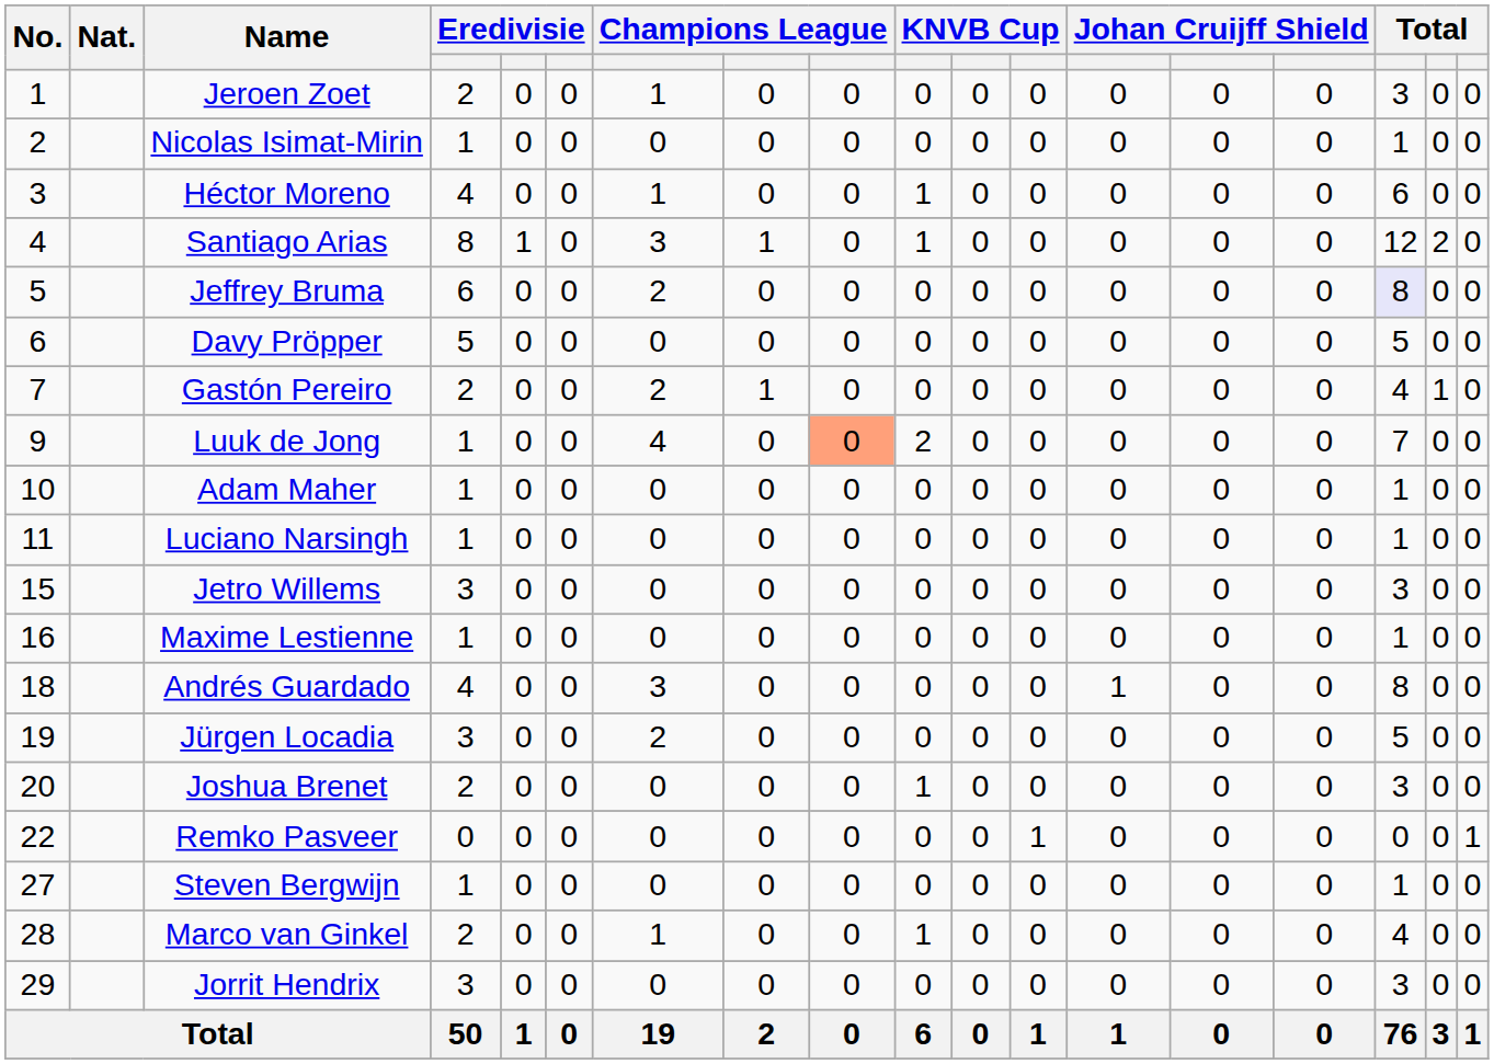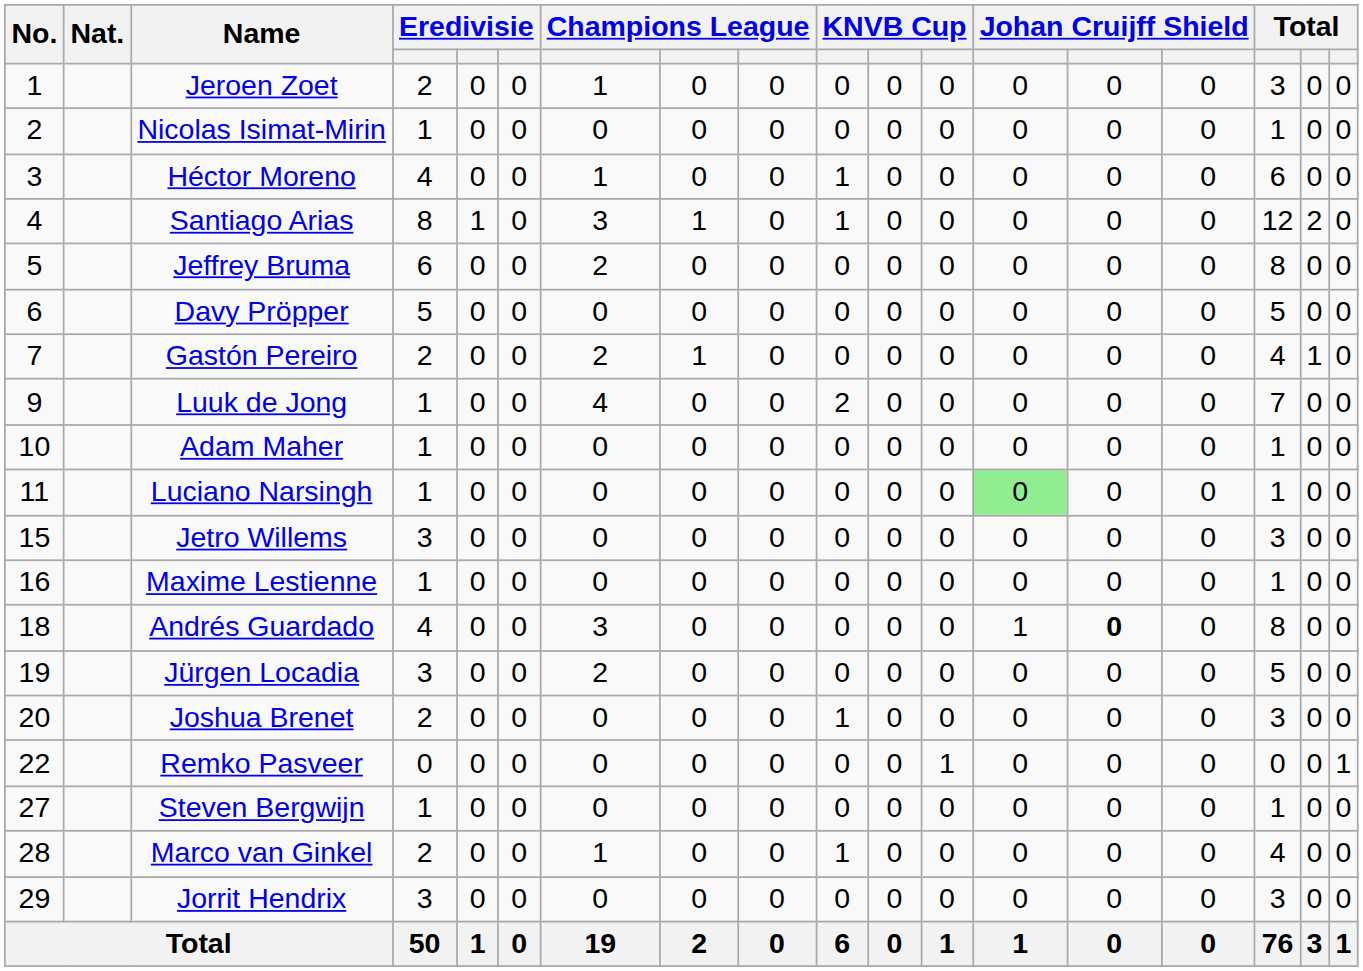 <table class="wikitable sortable" style="text-align: center;">
 <tr>
 <th rowspan="2">No.</th>
 <th rowspan="2">Nat.</th>
 <th rowspan="2">Name</th>
 <th colspan="3"><a href='#'>Eredivisie</a></th>
 <th colspan="3"><a href='#'>Champions League</a></th>
 <th colspan="3"><a href='#'>KNVB Cup</a></th>
 <th colspan="3"><a href='#'>Johan Cruijff Shield</a></th>
 <th colspan="3">Total</th>
 </tr>
 <tr>
 <th></th>
 <th></th>
 <th></th>
 <th></th>
 <th></th>
 <th></th>
 <th></th>
 <th></th>
 <th></th>
 <th></th>
 <th></th>
 <th></th>
 <th></th>
 <th></th>
 <th></th>
 </tr>
 <tr>
 <td>1</td>
 <td></td>
 <td><a href='#'>Jeroen Zoet</a></td>
 <td>2</td>
 <td>0</td>
 <td>0</td>
 <td>1</td>
 <td>0</td>
 <td>0</td>
 <td>0</td>
 <td>0</td>
 <td>0</td>
 <td>0</td>
 <td>0</td>
 <td>0</td>
 <td>3</td>
 <td>0</td>
 <td>0</td>
 </tr>
 <tr>
 <td>2</td>
 <td></td>
 <td><a href='#'>Nicolas Isimat-Mirin</a></td>
 <td>1</td>
 <td>0</td>
 <td>0</td>
 <td>0</td>
 <td>0</td>
 <td>0</td>
 <td>0</td>
 <td>0</td>
 <td>0</td>
 <td>0</td>
 <td>0</td>
 <td>0</td>
 <td>1</td>
 <td>0</td>
 <td>0</td>
 </tr>
 <tr>
 <td>3</td>
 <td></td>
 <td><a href='#'>Héctor Moreno</a></td>
 <td>4</td>
 <td>0</td>
 <td>0</td>
 <td>1</td>
 <td>0</td>
 <td>0</td>
 <td>1</td>
 <td>0</td>
 <td>0</td>
 <td>0</td>
 <td>0</td>
 <td>0</td>
 <td>6</td>
 <td>0</td>
 <td>0</td>
 </tr>
 <tr>
 <td>4</td>
 <td></td>
 <td><a href='#'>Santiago Arias</a></td>
 <td>8</td>
 <td>1</td>
 <td>0</td>
 <td>3</td>
 <td>1</td>
 <td>0</td>
 <td>1</td>
 <td>0</td>
 <td>0</td>
 <td>0</td>
 <td>0</td>
 <td>0</td>
 <td>12</td>
 <td>2</td>
 <td>0</td>
 </tr>
 <tr>
 <td>5</td>
 <td></td>
 <td><a href='#'>Jeffrey Bruma</a></td>
 <td>6</td>
 <td>0</td>
 <td>0</td>
 <td>2</td>
 <td>0</td>
 <td>0</td>
 <td>0</td>
 <td>0</td>
 <td>0</td>
 <td>0</td>
 <td>0</td>
 <td>0</td>
-<td style="background: lavender;">8</td>
+<td>8</td>
 <td>0</td>
 <td>0</td>
 </tr>
 <tr>
 <td>6</td>
 <td></td>
 <td><a href='#'>Davy Pröpper</a></td>
 <td>5</td>
 <td>0</td>
 <td>0</td>
 <td>0</td>
 <td>0</td>
 <td>0</td>
 <td>0</td>
 <td>0</td>
 <td>0</td>
 <td>0</td>
 <td>0</td>
 <td>0</td>
 <td>5</td>
 <td>0</td>
 <td>0</td>
 </tr>
 <tr>
 <td>7</td>
 <td></td>
 <td><a href='#'>Gastón Pereiro</a></td>
 <td>2</td>
 <td>0</td>
 <td>0</td>
 <td>2</td>
 <td>1</td>
 <td>0</td>
 <td>0</td>
 <td>0</td>
 <td>0</td>
 <td>0</td>
 <td>0</td>
 <td>0</td>
 <td>4</td>
 <td>1</td>
 <td>0</td>
 </tr>
 <tr>
 <td>9</td>
 <td></td>
 <td><a href='#'>Luuk de Jong</a></td>
 <td>1</td>
 <td>0</td>
 <td>0</td>
 <td>4</td>
 <td>0</td>
-<td style="background: lightsalmon;">0</td>
+<td>0</td>
 <td>2</td>
 <td>0</td>
 <td>0</td>
 <td>0</td>
 <td>0</td>
 <td>0</td>
 <td>7</td>
 <td>0</td>
 <td>0</td>
 </tr>
 <tr>
 <td>10</td>
 <td></td>
 <td><a href='#'>Adam Maher</a></td>
 <td>1</td>
 <td>0</td>
 <td>0</td>
 <td>0</td>
 <td>0</td>
 <td>0</td>
 <td>0</td>
 <td>0</td>
 <td>0</td>
 <td>0</td>
 <td>0</td>
 <td>0</td>
 <td>1</td>
 <td>0</td>
 <td>0</td>
 </tr>
 <tr>
 <td>11</td>
 <td></td>
 <td><a href='#'>Luciano Narsingh</a></td>
 <td>1</td>
 <td>0</td>
 <td>0</td>
 <td>0</td>
 <td>0</td>
 <td>0</td>
 <td>0</td>
 <td>0</td>
 <td>0</td>
-<td>0</td>
+<td style="background: lightgreen;">0</td>
 <td>0</td>
 <td>0</td>
 <td>1</td>
 <td>0</td>
 <td>0</td>
 </tr>
 <tr>
 <td>15</td>
 <td></td>
 <td><a href='#'>Jetro Willems</a></td>
 <td>3</td>
 <td>0</td>
 <td>0</td>
 <td>0</td>
 <td>0</td>
 <td>0</td>
 <td>0</td>
 <td>0</td>
 <td>0</td>
 <td>0</td>
 <td>0</td>
 <td>0</td>
 <td>3</td>
 <td>0</td>
 <td>0</td>
 </tr>
 <tr>
 <td>16</td>
 <td></td>
 <td><a href='#'>Maxime Lestienne</a></td>
 <td>1</td>
 <td>0</td>
 <td>0</td>
 <td>0</td>
 <td>0</td>
 <td>0</td>
 <td>0</td>
 <td>0</td>
 <td>0</td>
 <td>0</td>
 <td>0</td>
 <td>0</td>
 <td>1</td>
 <td>0</td>
 <td>0</td>
 </tr>
 <tr>
 <td>18</td>
 <td></td>
 <td><a href='#'>Andrés Guardado</a></td>
 <td>4</td>
 <td>0</td>
 <td>0</td>
 <td>3</td>
 <td>0</td>
 <td>0</td>
 <td>0</td>
 <td>0</td>
 <td>0</td>
 <td>1</td>
-<td>0</td>
+<td><strong>0</strong></td>
 <td>0</td>
 <td>8</td>
 <td>0</td>
 <td>0</td>
 </tr>
 <tr>
 <td>19</td>
 <td></td>
 <td><a href='#'>Jürgen Locadia</a></td>
 <td>3</td>
 <td>0</td>
 <td>0</td>
 <td>2</td>
 <td>0</td>
 <td>0</td>
 <td>0</td>
 <td>0</td>
 <td>0</td>
 <td>0</td>
 <td>0</td>
 <td>0</td>
 <td>5</td>
 <td>0</td>
 <td>0</td>
 </tr>
 <tr>
 <td>20</td>
 <td></td>
 <td><a href='#'>Joshua Brenet</a></td>
 <td>2</td>
 <td>0</td>
 <td>0</td>
 <td>0</td>
 <td>0</td>
 <td>0</td>
 <td>1</td>
 <td>0</td>
 <td>0</td>
 <td>0</td>
 <td>0</td>
 <td>0</td>
 <td>3</td>
 <td>0</td>
 <td>0</td>
 </tr>
 <tr>
 <td>22</td>
 <td></td>
 <td><a href='#'>Remko Pasveer</a></td>
 <td>0</td>
 <td>0</td>
 <td>0</td>
 <td>0</td>
 <td>0</td>
 <td>0</td>
 <td>0</td>
 <td>0</td>
 <td>1</td>
 <td>0</td>
 <td>0</td>
 <td>0</td>
 <td>0</td>
 <td>0</td>
 <td>1</td>
 </tr>
 <tr>
 <td>27</td>
 <td></td>
 <td><a href='#'>Steven Bergwijn</a></td>
 <td>1</td>
 <td>0</td>
 <td>0</td>
 <td>0</td>
 <td>0</td>
 <td>0</td>
 <td>0</td>
 <td>0</td>
 <td>0</td>
 <td>0</td>
 <td>0</td>
 <td>0</td>
 <td>1</td>
 <td>0</td>
 <td>0</td>
 </tr>
 <tr>
 <td>28</td>
 <td></td>
 <td><a href='#'>Marco van Ginkel</a></td>
 <td>2</td>
 <td>0</td>
 <td>0</td>
 <td>1</td>
 <td>0</td>
 <td>0</td>
 <td>1</td>
 <td>0</td>
 <td>0</td>
 <td>0</td>
 <td>0</td>
 <td>0</td>
 <td>4</td>
 <td>0</td>
 <td>0</td>
 </tr>
 <tr>
 <td>29</td>
 <td></td>
 <td><a href='#'>Jorrit Hendrix</a></td>
 <td>3</td>
 <td>0</td>
 <td>0</td>
 <td>0</td>
 <td>0</td>
 <td>0</td>
 <td>0</td>
 <td>0</td>
 <td>0</td>
 <td>0</td>
 <td>0</td>
 <td>0</td>
 <td>3</td>
 <td>0</td>
 <td>0</td>
 </tr>
 <tr>
 <th colspan=3>Total</th>
 <th>50</th>
 <th>1</th>
 <th>0</th>
 <th>19</th>
 <th>2</th>
 <th>0</th>
 <th>6</th>
 <th>0</th>
 <th>1</th>
 <th>1</th>
 <th>0</th>
 <th>0</th>
 <th>76</th>
 <th>3</th>
 <th>1</th>
 </tr>
 </table>
